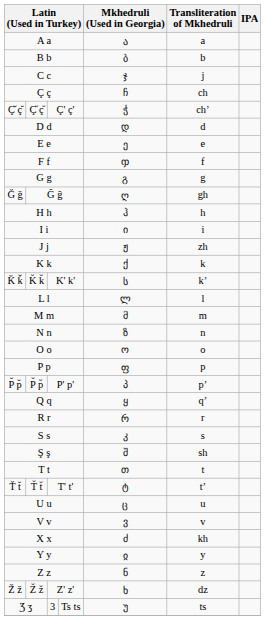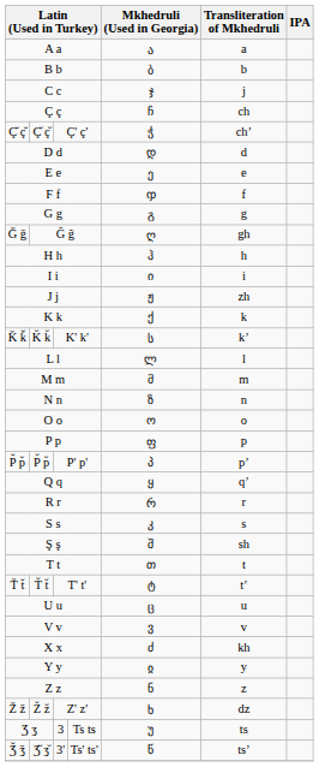 <table class="wikitable" style="text-align:center">
 <tr>
 <th colspan="4">Latin<br>(Used in Turkey)</th>
 <th>Mkhedruli<br>(Used in Georgia)</th>
 <th>Transliteration<br>of Mkhedruli</th>
 <th>IPA</th>
 </tr>
 <tr>
 <td colspan="4">A a</td>
 <td>ა</td>
 <td>a</td>
 <td></td>
 </tr>
 <tr>
 <td colspan="4">B b</td>
 <td>ბ</td>
 <td>b</td>
 <td></td>
 </tr>
 <tr>
 <td colspan="4">C c</td>
 <td>ჯ</td>
 <td>j</td>
 <td></td>
 </tr>
 <tr>
 <td colspan="4">Ç ç</td>
 <td>ჩ</td>
 <td>ch</td>
 <td></td>
 </tr>
 <tr>
 <td>Ç̌ ç̌</td>
 <td>Ç̆ ç̆</td>
 <td colspan="2">Ç' ç'</td>
 <td>ჭ</td>
 <td>chʼ</td>
 <td></td>
 </tr>
 <tr>
 <td colspan="4">D d</td>
 <td>დ</td>
 <td>d</td>
 <td></td>
 </tr>
 <tr>
 <td colspan="4">E e</td>
 <td>ე</td>
 <td>e</td>
 <td></td>
 </tr>
 <tr>
 <td colspan="4">F f</td>
 <td>ჶ</td>
 <td>f</td>
 <td></td>
 </tr>
 <tr>
 <td colspan="4">G g</td>
 <td>გ</td>
 <td>g</td>
 <td></td>
 </tr>
 <tr>
 <td>Ǧ ǧ</td>
 <td colspan="3">Ğ ğ</td>
 <td>ღ</td>
 <td>gh</td>
 <td></td>
 </tr>
 <tr>
 <td colspan="4">H h</td>
 <td>ჰ</td>
 <td>h</td>
 <td></td>
 </tr>
 <tr>
 <td colspan="4">I i</td>
 <td>ი</td>
 <td>i</td>
 <td></td>
 </tr>
 <tr>
 <td colspan="4">J j</td>
 <td>ჟ</td>
 <td>zh</td>
 <td></td>
 </tr>
 <tr>
 <td colspan="4">K k</td>
 <td>ქ</td>
 <td>k</td>
 <td></td>
 </tr>
 <tr>
 <td>Ǩ ǩ</td>
 <td>K̆ k̆</td>
 <td colspan="2">K' k'</td>
 <td>ს</td>
 <td>kʼ</td>
 <td></td>
 </tr>
 <tr>
 <td colspan="4">L l</td>
 <td>ლ</td>
 <td>l</td>
 <td></td>
 </tr>
 <tr>
 <td colspan="4">M m</td>
 <td>მ</td>
 <td>m</td>
 <td></td>
 </tr>
 <tr>
 <td colspan="4">N n</td>
 <td>ზ</td>
 <td>n</td>
 <td></td>
 </tr>
 <tr>
 <td colspan="4">O o</td>
 <td>ო</td>
 <td>o</td>
 <td></td>
 </tr>
 <tr>
 <td colspan="4">P p</td>
 <td>ფ</td>
 <td>p</td>
 <td></td>
 </tr>
 <tr>
 <td>P̌ p̌</td>
 <td>P̆ p̆</td>
 <td colspan="2">P' p'</td>
 <td>პ</td>
 <td>pʼ</td>
 <td></td>
 </tr>
 <tr>
 <td colspan="4">Q q</td>
 <td>ყ</td>
 <td>qʼ</td>
 <td></td>
 </tr>
 <tr>
 <td colspan="4">R r</td>
 <td>რ</td>
 <td>r</td>
 <td></td>
 </tr>
 <tr>
 <td colspan="4">S s</td>
 <td>კ</td>
 <td>s</td>
 <td></td>
 </tr>
 <tr>
 <td colspan="4">Ş ş</td>
 <td>შ</td>
 <td>sh</td>
 <td></td>
 </tr>
 <tr>
 <td colspan="4">T t</td>
 <td>თ</td>
 <td>t</td>
 <td></td>
 </tr>
 <tr>
 <td>Ť t‌̌</td>
 <td>T̆ t̆</td>
 <td colspan="2">T' t'</td>
 <td>ტ</td>
 <td>tʼ</td>
 <td></td>
 </tr>
 <tr>
 <td colspan="4">U u</td>
 <td>ც</td>
 <td>u</td>
 <td></td>
 </tr>
 <tr>
 <td colspan="4">V v</td>
 <td>ვ</td>
 <td>v</td>
 <td></td>
 </tr>
 <tr>
 <td colspan="4">X x</td>
 <td>ძ</td>
 <td>kh</td>
 <td></td>
 </tr>
 <tr>
 <td colspan="4">Y y</td>
 <td>ჲ</td>
 <td>y</td>
 <td></td>
 </tr>
 <tr>
 <td colspan="4">Z z</td>
 <td>ნ</td>
 <td>z</td>
 <td></td>
 </tr>
 <tr>
 <td>Ž ž</td>
 <td>Z̆ z̆</td>
 <td colspan="2">Z' z'</td>
 <td>ხ</td>
 <td>dz</td>
 <td></td>
 </tr>
 <tr>
 <td colspan="2">Ʒ ʒ</td>
 <td>3</td>
 <td>Ts ts</td>
 <td>უ</td>
 <td>ts</td>
 <td></td>
 </tr>
 <tr>
+<td>Ǯ ǯ</td>
+<td>Ʒ̆ ʒ̆</td>
+<td>3'</td>
+<td>Ts' ts'</td>
+<td>წ</td>
+<td>tsʼ</td>
+<td></td>
+</tr>
+<tr>
 </tr>
 </table>
